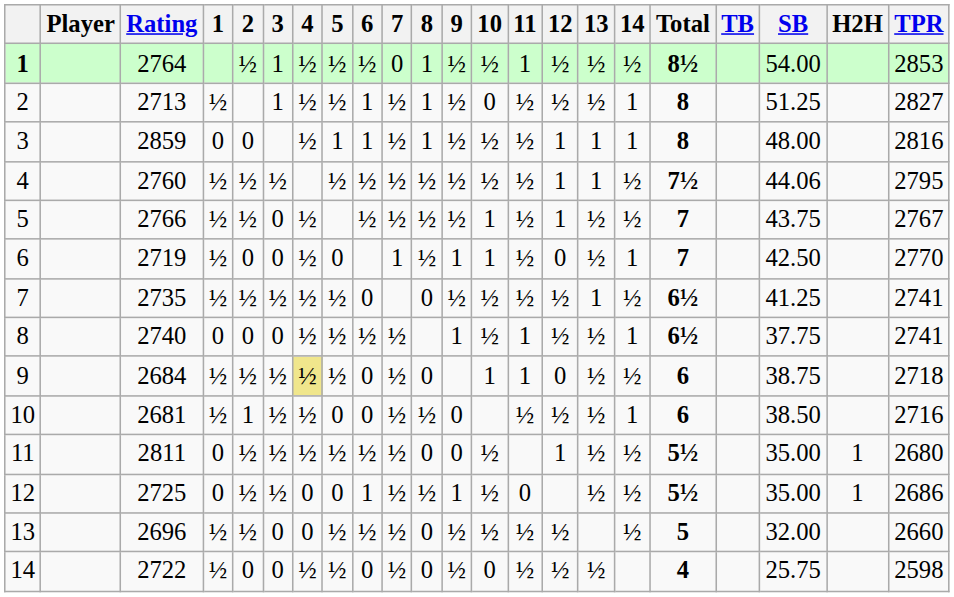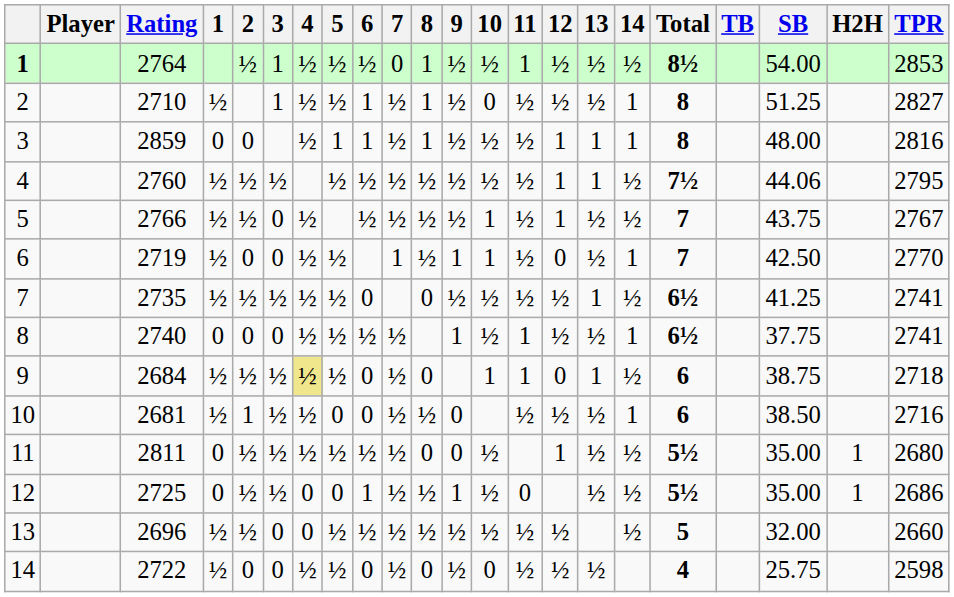 <table class="wikitable" style="text-align: center;">
 <tr>
 <th></th>
 <th>Player</th>
 <th><a href='#'>Rating</a></th>
 <th>1</th>
 <th>2</th>
 <th>3</th>
 <th>4</th>
 <th>5</th>
 <th>6</th>
 <th>7</th>
 <th>8</th>
 <th>9</th>
 <th>10</th>
 <th>11</th>
 <th>12</th>
 <th>13</th>
 <th>14</th>
 <th>Total</th>
 <th><a href='#'>TB</a></th>
 <th><a href='#'>SB</a></th>
 <th>H2H</th>
 <th><a href='#'>TPR</a></th>
 </tr>
 <tr style="background:#ccffcc;">
 <td><strong>1</strong></td>
 <td align="left"><strong></strong></td>
 <td>2764</td>
 <td></td>
 <td>½</td>
 <td>1</td>
 <td>½</td>
 <td>½</td>
 <td>½</td>
 <td>0</td>
 <td>1</td>
 <td>½</td>
 <td>½</td>
 <td>1</td>
 <td>½</td>
 <td>½</td>
 <td>½</td>
 <td><strong>8½</strong></td>
 <td></td>
 <td>54.00</td>
 <td></td>
 <td>2853</td>
 </tr>
 <tr>
 <td>2</td>
 <td align="left"></td>
-<td>2713</td>
+<td>2710</td>
 <td>½</td>
 <td></td>
 <td>1</td>
 <td>½</td>
 <td>½</td>
 <td>1</td>
 <td>½</td>
 <td>1</td>
 <td>½</td>
 <td>0</td>
 <td>½</td>
 <td>½</td>
 <td>½</td>
 <td>1</td>
 <td><strong>8</strong></td>
 <td></td>
 <td>51.25</td>
 <td></td>
 <td>2827</td>
 </tr>
 <tr>
 <td>3</td>
 <td align="left"></td>
 <td>2859</td>
 <td>0</td>
 <td>0</td>
 <td></td>
 <td>½</td>
 <td>1</td>
 <td>1</td>
 <td>½</td>
 <td>1</td>
 <td>½</td>
 <td>½</td>
 <td>½</td>
 <td>1</td>
 <td>1</td>
 <td>1</td>
 <td><strong>8</strong></td>
 <td></td>
 <td>48.00</td>
 <td></td>
 <td>2816</td>
 </tr>
 <tr>
 <td>4</td>
 <td align="left"></td>
 <td>2760</td>
 <td>½</td>
 <td>½</td>
 <td>½</td>
 <td></td>
 <td>½</td>
 <td>½</td>
 <td>½</td>
 <td>½</td>
 <td>½</td>
 <td>½</td>
 <td>½</td>
 <td>1</td>
 <td>1</td>
 <td>½</td>
 <td><strong>7½</strong></td>
 <td></td>
 <td>44.06</td>
 <td></td>
 <td>2795</td>
 </tr>
 <tr>
 <td>5</td>
 <td align="left"></td>
 <td>2766</td>
 <td>½</td>
 <td>½</td>
 <td>0</td>
 <td>½</td>
 <td></td>
 <td>½</td>
 <td>½</td>
 <td>½</td>
 <td>½</td>
 <td>1</td>
 <td>½</td>
 <td>1</td>
 <td>½</td>
 <td>½</td>
 <td><strong>7</strong></td>
 <td></td>
 <td>43.75</td>
 <td></td>
 <td>2767</td>
 </tr>
 <tr>
 <td>6</td>
 <td align="left"></td>
 <td>2719</td>
 <td>½</td>
 <td>0</td>
 <td>0</td>
 <td>½</td>
-<td>0</td>
+<td>½</td>
 <td></td>
 <td>1</td>
 <td>½</td>
 <td>1</td>
 <td>1</td>
 <td>½</td>
 <td>0</td>
 <td>½</td>
 <td>1</td>
 <td><strong>7</strong></td>
 <td></td>
 <td>42.50</td>
 <td></td>
 <td>2770</td>
 </tr>
 <tr>
 <td>7</td>
 <td align="left"></td>
 <td>2735</td>
 <td>½</td>
 <td>½</td>
 <td>½</td>
 <td>½</td>
 <td>½</td>
 <td>0</td>
 <td></td>
 <td>0</td>
 <td>½</td>
 <td>½</td>
 <td>½</td>
 <td>½</td>
 <td>1</td>
 <td>½</td>
 <td><strong>6½</strong></td>
 <td></td>
 <td>41.25</td>
 <td></td>
 <td>2741</td>
 </tr>
 <tr>
 <td>8</td>
 <td align="left"></td>
 <td>2740</td>
 <td>0</td>
 <td>0</td>
 <td>0</td>
 <td>½</td>
 <td>½</td>
 <td>½</td>
 <td>½</td>
 <td></td>
 <td>1</td>
 <td>½</td>
 <td>1</td>
 <td>½</td>
 <td>½</td>
 <td>1</td>
 <td><strong>6½</strong></td>
 <td></td>
 <td>37.75</td>
 <td></td>
 <td>2741</td>
 </tr>
 <tr>
 <td>9</td>
 <td align="left"></td>
 <td>2684</td>
 <td>½</td>
 <td>½</td>
 <td>½</td>
 <td style="background: khaki;">½</td>
 <td>½</td>
 <td>0</td>
 <td>½</td>
 <td>0</td>
 <td></td>
 <td>1</td>
 <td>1</td>
 <td>0</td>
-<td>½</td>
+<td>1</td>
 <td>½</td>
 <td><strong>6</strong></td>
 <td></td>
 <td>38.75</td>
 <td></td>
 <td>2718</td>
 </tr>
 <tr>
 <td>10</td>
 <td align="left"></td>
 <td>2681</td>
 <td>½</td>
 <td>1</td>
 <td>½</td>
 <td>½</td>
 <td>0</td>
 <td>0</td>
 <td>½</td>
 <td>½</td>
 <td>0</td>
 <td></td>
 <td>½</td>
 <td>½</td>
 <td>½</td>
 <td>1</td>
 <td><strong>6</strong></td>
 <td></td>
 <td>38.50</td>
 <td></td>
 <td>2716</td>
 </tr>
 <tr>
 <td>11</td>
 <td align="left"></td>
 <td>2811</td>
 <td>0</td>
 <td>½</td>
 <td>½</td>
 <td>½</td>
 <td>½</td>
 <td>½</td>
 <td>½</td>
 <td>0</td>
 <td>0</td>
 <td>½</td>
 <td></td>
 <td>1</td>
 <td>½</td>
 <td>½</td>
 <td><strong>5½</strong></td>
 <td></td>
 <td>35.00</td>
 <td>1</td>
 <td>2680</td>
 </tr>
 <tr>
 <td>12</td>
 <td align="left"></td>
 <td>2725</td>
 <td>0</td>
 <td>½</td>
 <td>½</td>
 <td>0</td>
 <td>0</td>
 <td>1</td>
 <td>½</td>
 <td>½</td>
 <td>1</td>
 <td>½</td>
 <td>0</td>
 <td></td>
 <td>½</td>
 <td>½</td>
 <td><strong>5½</strong></td>
 <td></td>
 <td>35.00</td>
 <td>1</td>
 <td>2686</td>
 </tr>
 <tr>
 <td>13</td>
 <td align="left"></td>
 <td>2696</td>
 <td>½</td>
 <td>½</td>
 <td>0</td>
 <td>0</td>
 <td>½</td>
 <td>½</td>
 <td>½</td>
-<td>0</td>
+<td>½</td>
 <td>½</td>
 <td>½</td>
 <td>½</td>
 <td>½</td>
 <td></td>
 <td>½</td>
 <td><strong>5</strong></td>
 <td></td>
 <td>32.00</td>
 <td></td>
 <td>2660</td>
 </tr>
 <tr>
 <td>14</td>
 <td align="left"></td>
 <td>2722</td>
 <td>½</td>
 <td>0</td>
 <td>0</td>
 <td>½</td>
 <td>½</td>
 <td>0</td>
 <td>½</td>
 <td>0</td>
 <td>½</td>
 <td>0</td>
 <td>½</td>
 <td>½</td>
 <td>½</td>
 <td></td>
 <td><strong>4</strong></td>
 <td></td>
 <td>25.75</td>
 <td></td>
 <td>2598</td>
 </tr>
 </table>
